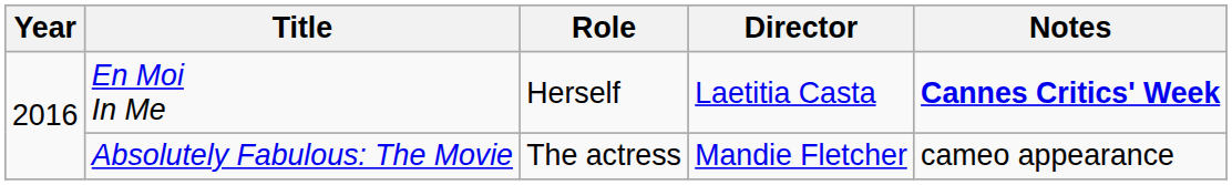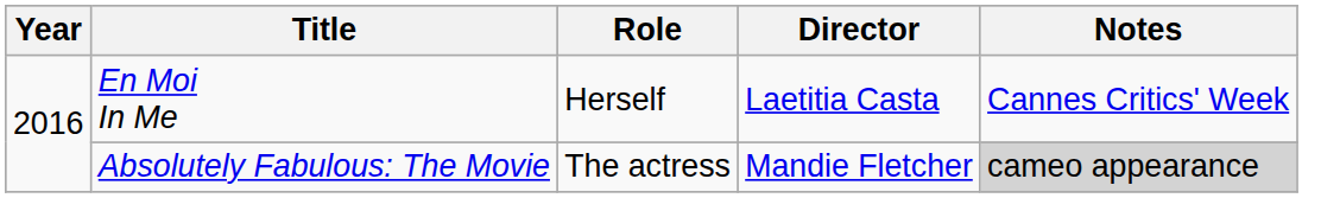 <table class="wikitable sortable">
 <tr>
 <th>Year</th>
 <th>Title</th>
 <th>Role</th>
 <th>Director</th>
 <th class="unsortable">Notes</th>
 </tr>
 <tr>
 <td rowspan=2>2016</td>
 <td><em><a href='#'>En Moi</a></em><br><em>In Me</em></td>
 <td>Herself</td>
 <td><a href='#'>Laetitia Casta</a></td>
-<td><strong><a href='#'>Cannes Critics' Week</a></strong></td>
+<td><a href='#'>Cannes Critics' Week</a></td>
 </tr>
 <tr>
 <td><em><a href='#'>Absolutely Fabulous: The Movie</a></em></td>
 <td>The actress</td>
 <td><a href='#'>Mandie Fletcher</a></td>
-<td>cameo appearance</td>
+<td style="background: lightgrey;">cameo appearance</td>
 </tr>
 </table>
